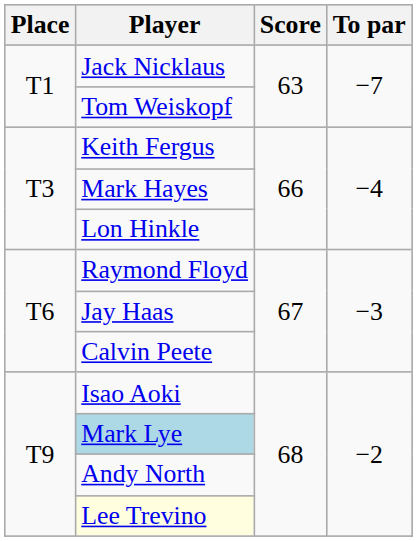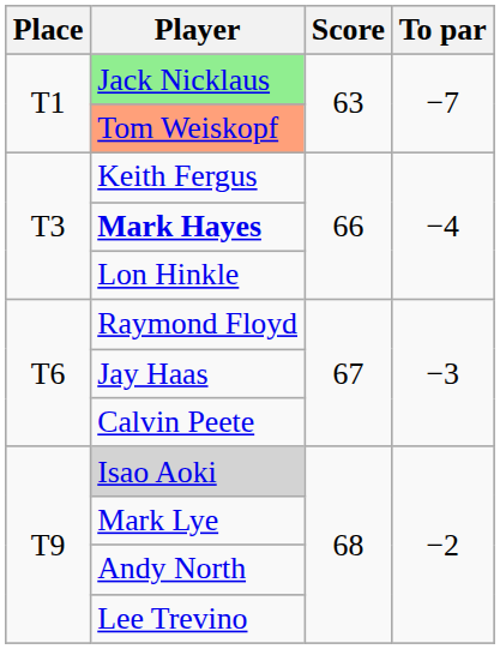 <table class="wikitable">
 <tr>
 <th>Place</th>
 <th>Player</th>
 <th>Score</th>
 <th>To par</th>
 </tr>
 <tr>
 <td rowspan="2" align=center>T1</td>
-<td> <a href='#'>Jack Nicklaus</a></td>
+<td style="background: lightgreen;"> <a href='#'>Jack Nicklaus</a></td>
 <td rowspan="2" align=center>63</td>
 <td rowspan="2" align=center>−7</td>
 </tr>
 <tr>
-<td> <a href='#'>Tom Weiskopf</a></td>
+<td style="background: lightsalmon;"> <a href='#'>Tom Weiskopf</a></td>
 </tr>
 <tr>
 <td rowspan="3" align=center>T3</td>
 <td> <a href='#'>Keith Fergus</a></td>
 <td rowspan="3" align=center>66</td>
 <td rowspan="3" align=center>−4</td>
 </tr>
 <tr>
-<td> <a href='#'>Mark Hayes</a></td>
+<td><strong> <a href='#'>Mark Hayes</a></strong></td>
 </tr>
 <tr>
 <td> <a href='#'>Lon Hinkle</a></td>
 </tr>
 <tr>
 <td rowspan="3" align=center>T6</td>
 <td> <a href='#'>Raymond Floyd</a></td>
 <td rowspan="3" align=center>67</td>
 <td rowspan="3" align=center>−3</td>
 </tr>
 <tr>
 <td> <a href='#'>Jay Haas</a></td>
 </tr>
 <tr>
 <td> <a href='#'>Calvin Peete</a></td>
 </tr>
 <tr>
 <td rowspan="4" align=center>T9</td>
-<td> <a href='#'>Isao Aoki</a></td>
+<td style="background: lightgrey;"> <a href='#'>Isao Aoki</a></td>
 <td rowspan="4" align=center>68</td>
 <td rowspan="4" align=center>−2</td>
 </tr>
 <tr>
-<td style="background: lightblue;"> <a href='#'>Mark Lye</a></td>
+<td> <a href='#'>Mark Lye</a></td>
 </tr>
 <tr>
 <td> <a href='#'>Andy North</a></td>
 </tr>
 <tr>
-<td style="background: lightyellow;"> <a href='#'>Lee Trevino</a></td>
+<td> <a href='#'>Lee Trevino</a></td>
 </tr>
 </table>
